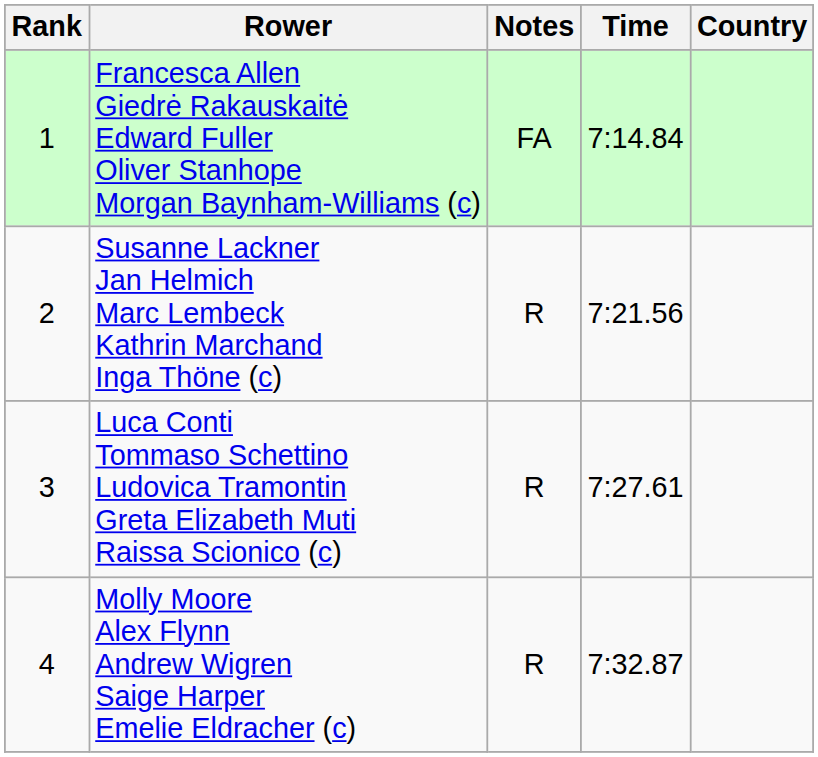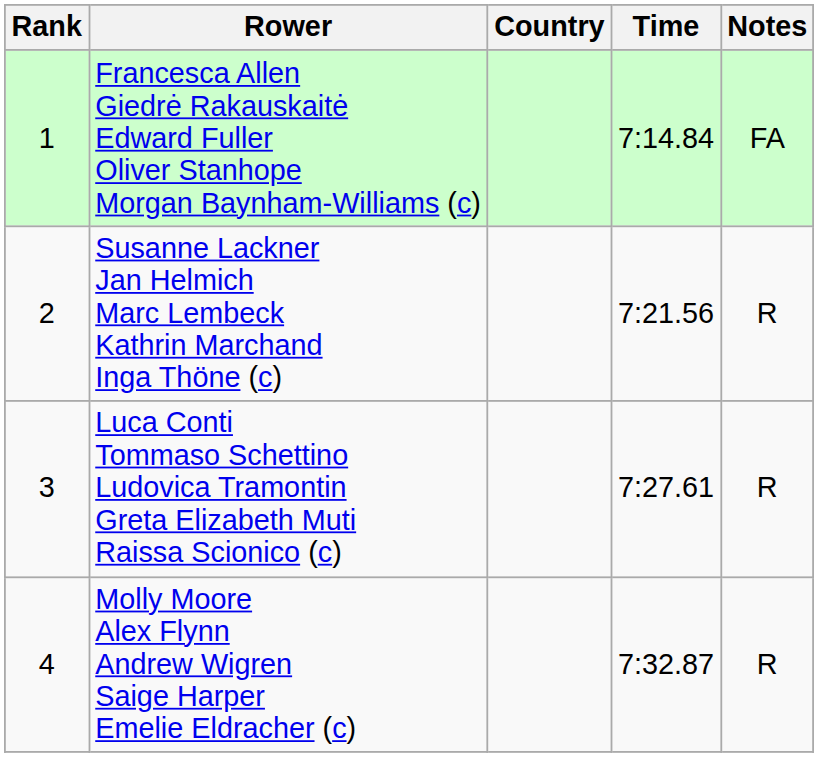 <table class="wikitable" style="text-align:center">
 <tr>
 <th>Rank</th>
 <th>Rower</th>
+<th>Country</th>
+<th>Time</th>
 <th>Notes</th>
-<th>Time</th>
-<th>Country</th>
 </tr>
 <tr bgcolor=ccffcc>
 <td>1</td>
 <td align="left"><a href='#'>Francesca Allen</a><br><a href='#'>Giedrė Rakauskaitė</a><br><a href='#'>Edward Fuller</a><br><a href='#'>Oliver Stanhope</a><br><a href='#'>Morgan Baynham-Williams</a> (<a href='#'>c</a>)</td>
+<td align="left"></td>
+<td>7:14.84</td>
 <td>FA</td>
-<td>7:14.84</td>
-<td align="left"></td>
 </tr>
 <tr>
 <td>2</td>
 <td align="left"><a href='#'>Susanne Lackner</a><br><a href='#'>Jan Helmich</a><br><a href='#'>Marc Lembeck</a><br><a href='#'>Kathrin Marchand</a><br><a href='#'>Inga Thöne</a> (<a href='#'>c</a>)</td>
+<td align="left"></td>
+<td>7:21.56</td>
 <td>R</td>
-<td>7:21.56</td>
-<td align="left"></td>
 </tr>
 <tr>
 <td>3</td>
 <td align="left"><a href='#'>Luca Conti</a><br><a href='#'>Tommaso Schettino</a><br><a href='#'>Ludovica Tramontin</a><br><a href='#'>Greta Elizabeth Muti</a><br><a href='#'>Raissa Scionico</a> (<a href='#'>c</a>)</td>
+<td align="left"></td>
+<td>7:27.61</td>
 <td>R</td>
-<td>7:27.61</td>
-<td align="left"></td>
 </tr>
 <tr>
 <td>4</td>
 <td align="left"><a href='#'>Molly Moore</a><br><a href='#'>Alex Flynn</a><br><a href='#'>Andrew Wigren</a><br><a href='#'>Saige Harper</a><br><a href='#'>Emelie Eldracher</a> (<a href='#'>c</a>)</td>
+<td align="left"></td>
+<td>7:32.87</td>
 <td>R</td>
-<td>7:32.87</td>
-<td align="left"></td>
 </tr>
 </table>
